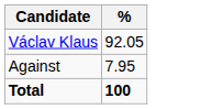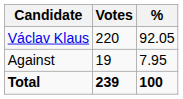 <table class="wikitable style=text-align:right">
 <tr>
 <th>Candidate</th>
+<th>Votes</th>
 <th>%</th>
 </tr>
 <tr>
 <td align=left><a href='#'>Václav Klaus</a></td>
+<td>220</td>
 <td>92.05</td>
 </tr>
 <tr>
 <td align=left>Against</td>
+<td>19</td>
 <td>7.95</td>
 </tr>
 <tr>
 <td align=left><strong>Total</strong></td>
+<td><strong>239</strong></td>
 <td><strong>100</strong></td>
 </tr>
 </table>
